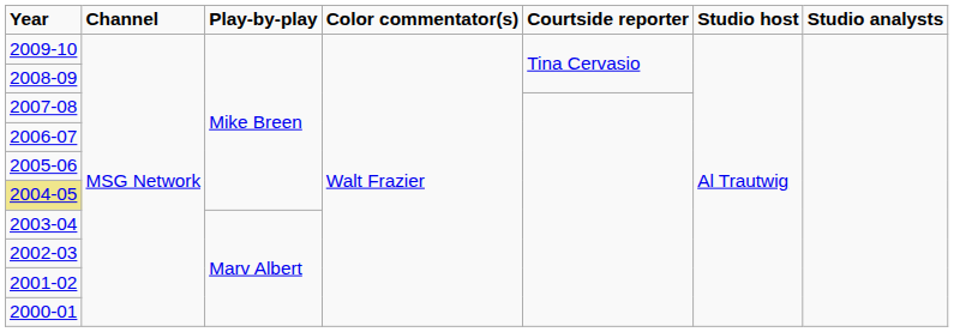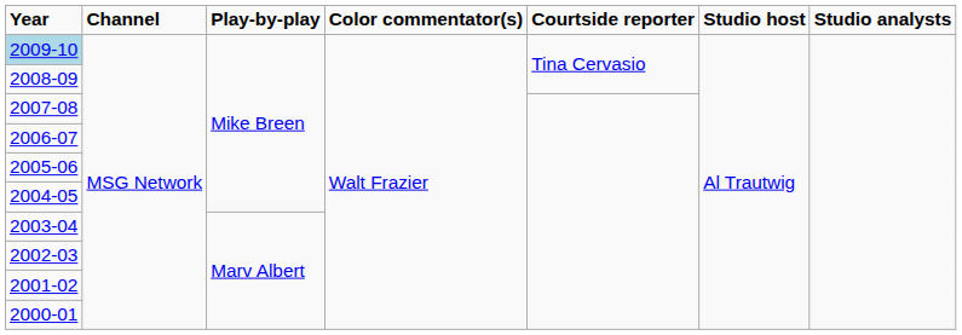 <table class="wikitable">
 <tr>
 <td><strong>Year</strong></td>
 <td><strong>Channel</strong></td>
 <td><strong>Play-by-play</strong></td>
 <td><strong>Color commentator(s)</strong></td>
 <td><strong>Courtside reporter</strong></td>
 <td><strong>Studio host</strong></td>
 <td><strong>Studio analysts</strong></td>
 </tr>
 <tr>
-<td><a href='#'>2009-10</a></td>
+<td style="background: lightblue;"><a href='#'>2009-10</a></td>
 <td rowspan=10><a href='#'>MSG Network</a></td>
 <td rowspan=6><a href='#'>Mike Breen</a></td>
 <td rowspan=10><a href='#'>Walt Frazier</a></td>
 <td rowspan=2><a href='#'>Tina Cervasio</a></td>
 <td rowspan=10><a href='#'>Al Trautwig</a></td>
 </tr>
 <tr>
 <td><a href='#'>2008-09</a></td>
 </tr>
 <tr>
 <td><a href='#'>2007-08</a></td>
 </tr>
 <tr>
 <td><a href='#'>2006-07</a></td>
 </tr>
 <tr>
 <td><a href='#'>2005-06</a></td>
 </tr>
 <tr>
-<td style="background: khaki;"><a href='#'>2004-05</a></td>
+<td><a href='#'>2004-05</a></td>
 </tr>
 <tr>
 <td><a href='#'>2003-04</a></td>
 <td rowspan=4><a href='#'>Marv Albert</a></td>
 </tr>
 <tr>
 <td><a href='#'>2002-03</a></td>
 </tr>
 <tr>
 <td><a href='#'>2001-02</a></td>
 </tr>
 <tr>
 <td><a href='#'>2000-01</a></td>
 </tr>
 </table>
